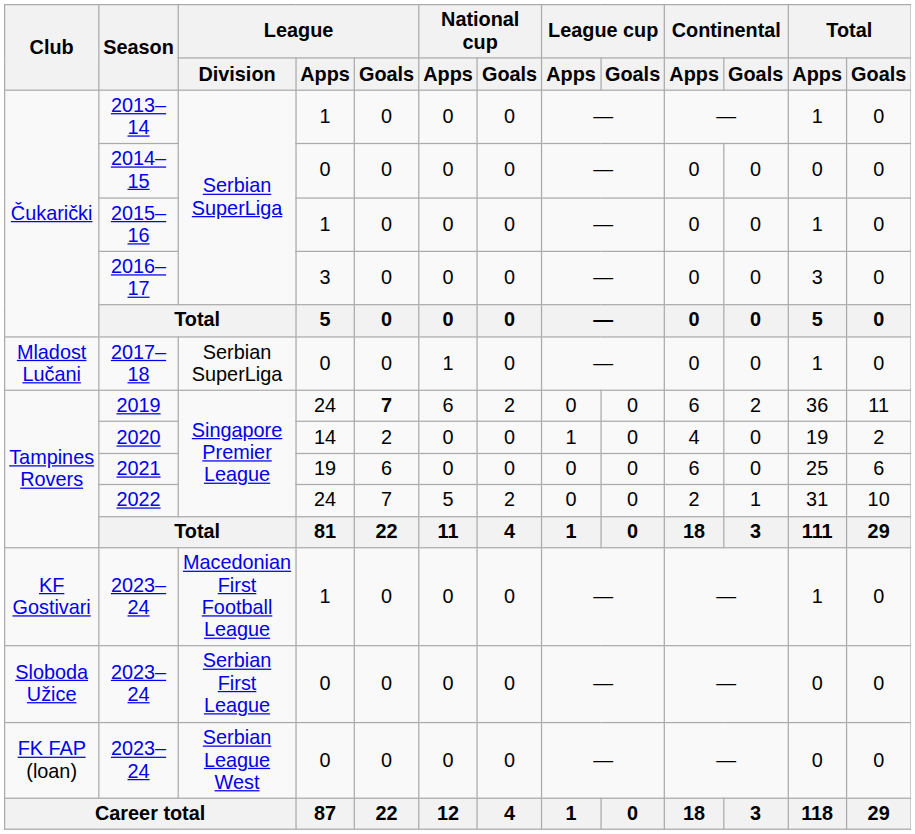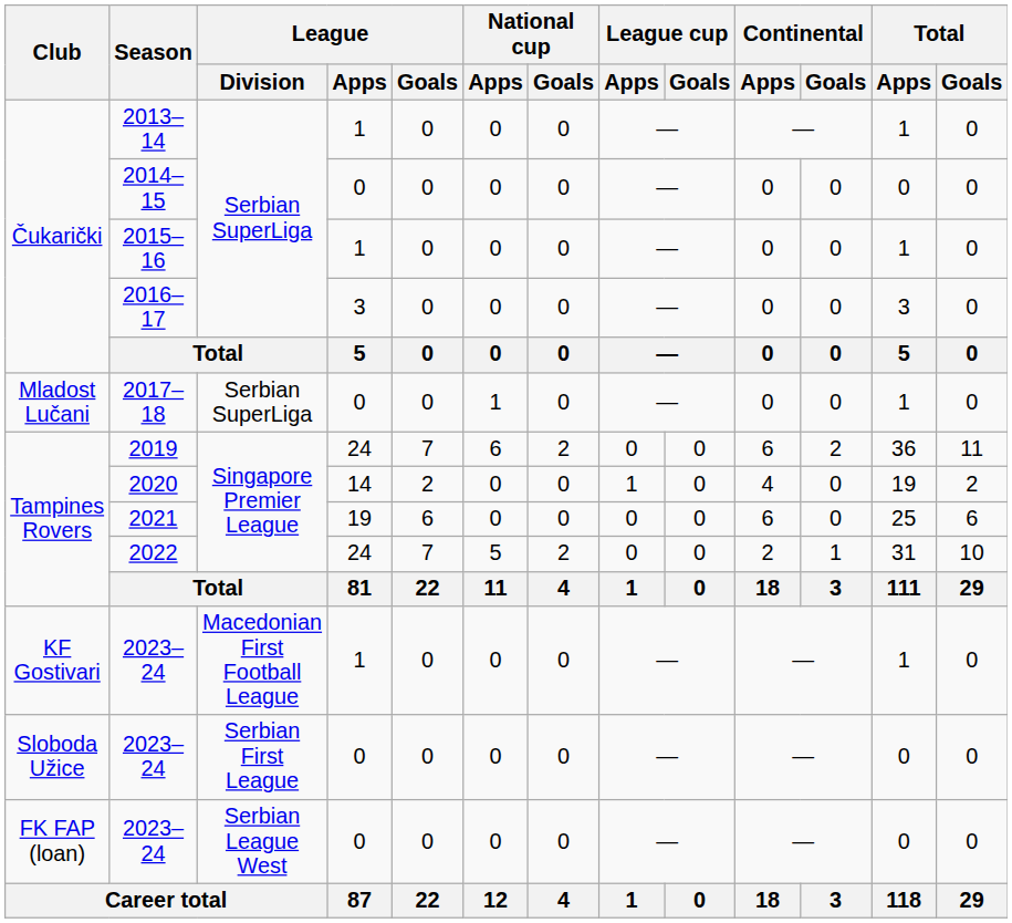 <table class="wikitable" style="text-align:center">
 <tr>
 <th rowspan="2">Club</th>
 <th rowspan="2">Season</th>
 <th colspan="3">League</th>
 <th colspan="2">National cup</th>
 <th colspan="2">League cup</th>
 <th colspan="2">Continental</th>
 <th colspan="2">Total</th>
 </tr>
 <tr>
 <th>Division</th>
 <th>Apps</th>
 <th>Goals</th>
 <th>Apps</th>
 <th>Goals</th>
 <th>Apps</th>
 <th>Goals</th>
 <th>Apps</th>
 <th>Goals</th>
 <th>Apps</th>
 <th>Goals</th>
 </tr>
 <tr>
 <td rowspan="5"><a href='#'>Čukarički</a></td>
 <td><a href='#'>2013–14</a></td>
 <td rowspan="4"><a href='#'>Serbian SuperLiga</a></td>
 <td>1</td>
 <td>0</td>
 <td>0</td>
 <td>0</td>
 <td colspan="2">—</td>
 <td colspan="2">—</td>
 <td>1</td>
 <td>0</td>
 </tr>
 <tr>
 <td><a href='#'>2014–15</a></td>
 <td>0</td>
 <td>0</td>
 <td>0</td>
 <td>0</td>
 <td colspan="2">—</td>
 <td>0</td>
 <td>0</td>
 <td>0</td>
 <td>0</td>
 </tr>
 <tr>
 <td><a href='#'>2015–16</a></td>
 <td>1</td>
 <td>0</td>
 <td>0</td>
 <td>0</td>
 <td colspan="2">—</td>
 <td>0</td>
 <td>0</td>
 <td>1</td>
 <td>0</td>
 </tr>
 <tr>
 <td><a href='#'>2016–17</a></td>
 <td>3</td>
 <td>0</td>
 <td>0</td>
 <td>0</td>
 <td colspan="2">—</td>
 <td>0</td>
 <td>0</td>
 <td>3</td>
 <td>0</td>
 </tr>
 <tr>
 <th colspan="2">Total</th>
 <th>5</th>
 <th>0</th>
 <th>0</th>
 <th>0</th>
 <th colspan="2">—</th>
 <th>0</th>
 <th>0</th>
 <th>5</th>
 <th>0</th>
 </tr>
 <tr>
 <td><a href='#'>Mladost Lučani</a></td>
 <td><a href='#'>2017–18</a></td>
 <td>Serbian SuperLiga</td>
 <td>0</td>
 <td>0</td>
 <td>1</td>
 <td>0</td>
 <td colspan="2">—</td>
 <td>0</td>
 <td>0</td>
 <td>1</td>
 <td>0</td>
 </tr>
 <tr>
 <td rowspan="5"><a href='#'>Tampines Rovers</a></td>
 <td><a href='#'>2019</a></td>
 <td rowspan="4"><a href='#'>Singapore Premier League</a></td>
 <td>24</td>
-<td><strong>7</strong></td>
+<td>7</td>
 <td>6</td>
 <td>2</td>
 <td>0</td>
 <td>0</td>
 <td>6</td>
 <td>2</td>
 <td>36</td>
 <td>11</td>
 </tr>
 <tr>
 <td><a href='#'>2020</a></td>
 <td>14</td>
 <td>2</td>
 <td>0</td>
 <td>0</td>
 <td>1</td>
 <td>0</td>
 <td>4</td>
 <td>0</td>
 <td>19</td>
 <td>2</td>
 </tr>
 <tr>
 <td><a href='#'>2021</a></td>
 <td>19</td>
 <td>6</td>
 <td>0</td>
 <td>0</td>
 <td>0</td>
 <td>0</td>
 <td>6</td>
 <td>0</td>
 <td>25</td>
 <td>6</td>
 </tr>
 <tr>
 <td><a href='#'>2022</a></td>
 <td>24</td>
 <td>7</td>
 <td>5</td>
 <td>2</td>
 <td>0</td>
 <td>0</td>
 <td>2</td>
 <td>1</td>
 <td>31</td>
 <td>10</td>
 </tr>
 <tr>
 <th colspan="2">Total</th>
 <th>81</th>
 <th>22</th>
 <th>11</th>
 <th>4</th>
 <th>1</th>
 <th>0</th>
 <th>18</th>
 <th>3</th>
 <th>111</th>
 <th>29</th>
 </tr>
 <tr>
 <td><a href='#'>KF Gostivari</a></td>
 <td><a href='#'>2023–24</a></td>
 <td><a href='#'>Macedonian First Football League</a></td>
 <td>1</td>
 <td>0</td>
 <td>0</td>
 <td>0</td>
 <td colspan="2">—</td>
 <td colspan="2">—</td>
 <td>1</td>
 <td>0</td>
 </tr>
 <tr>
 <td><a href='#'>Sloboda Užice</a></td>
 <td><a href='#'>2023–24</a></td>
 <td><a href='#'>Serbian First League</a></td>
 <td>0</td>
 <td>0</td>
 <td>0</td>
 <td>0</td>
 <td colspan="2">—</td>
 <td colspan="2">—</td>
 <td>0</td>
 <td>0</td>
 </tr>
 <tr>
 <td><a href='#'>FK FAP</a> (loan)</td>
 <td><a href='#'>2023–24</a></td>
 <td><a href='#'>Serbian League West</a></td>
 <td>0</td>
 <td>0</td>
 <td>0</td>
 <td>0</td>
 <td colspan="2">—</td>
 <td colspan="2">—</td>
 <td>0</td>
 <td>0</td>
 </tr>
 <tr>
 <th colspan="3">Career total</th>
 <th>87</th>
 <th>22</th>
 <th>12</th>
 <th>4</th>
 <th>1</th>
 <th>0</th>
 <th>18</th>
 <th>3</th>
 <th>118</th>
 <th>29</th>
 </tr>
 </table>
